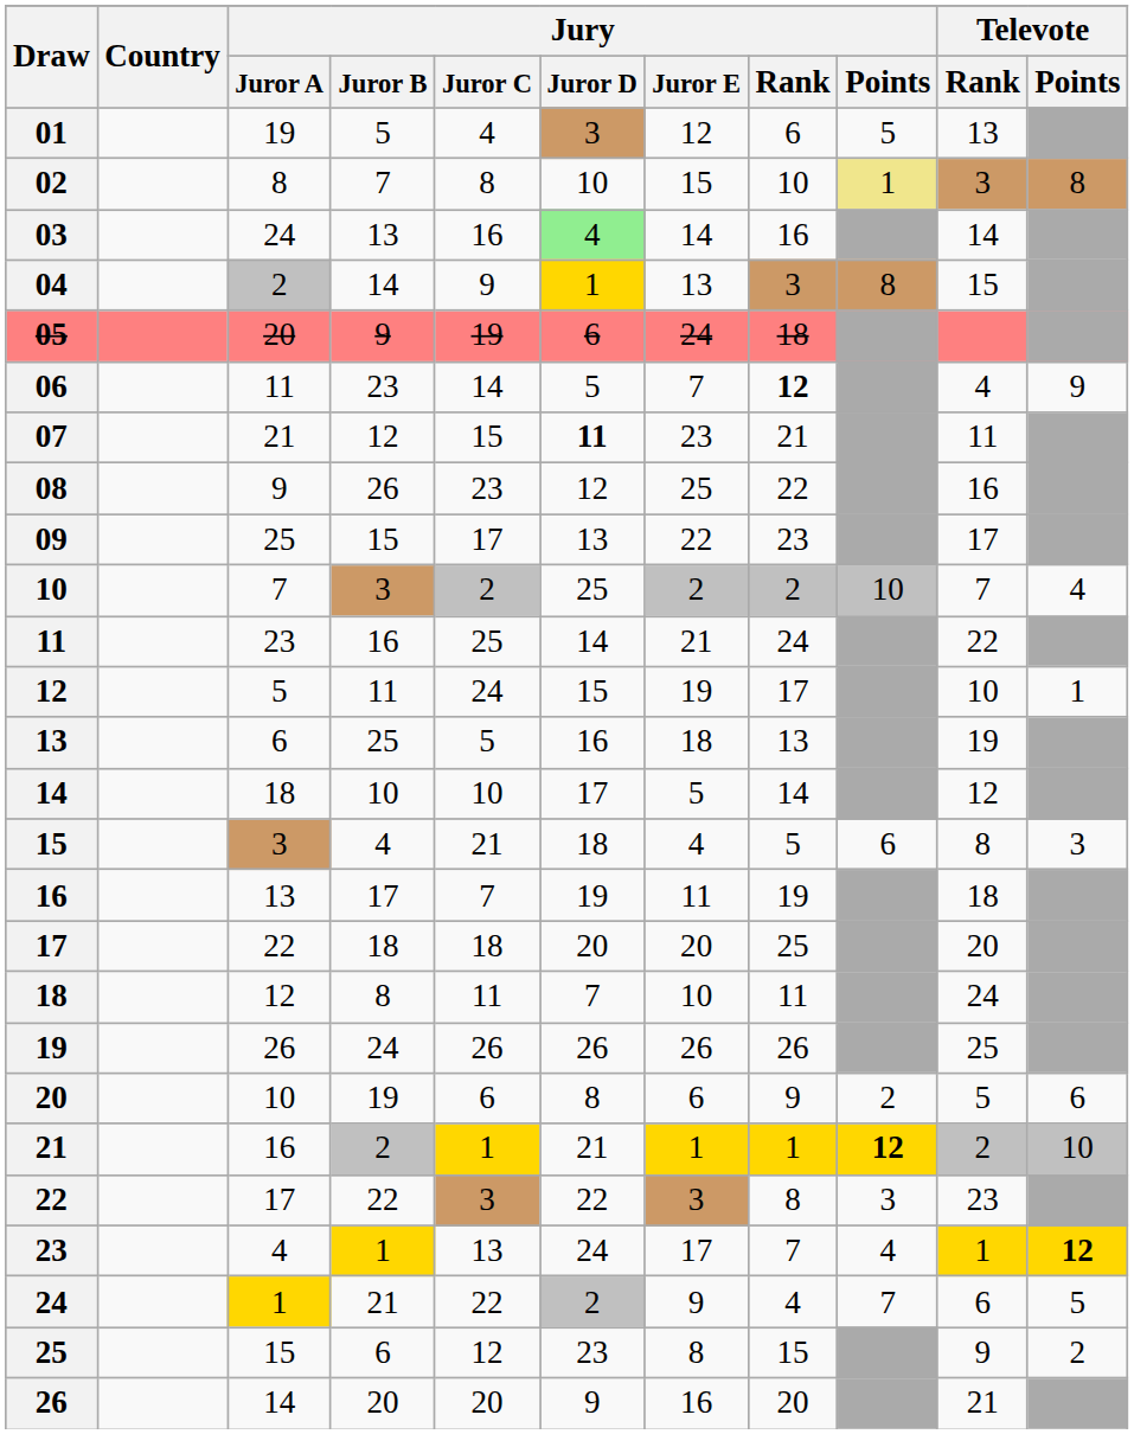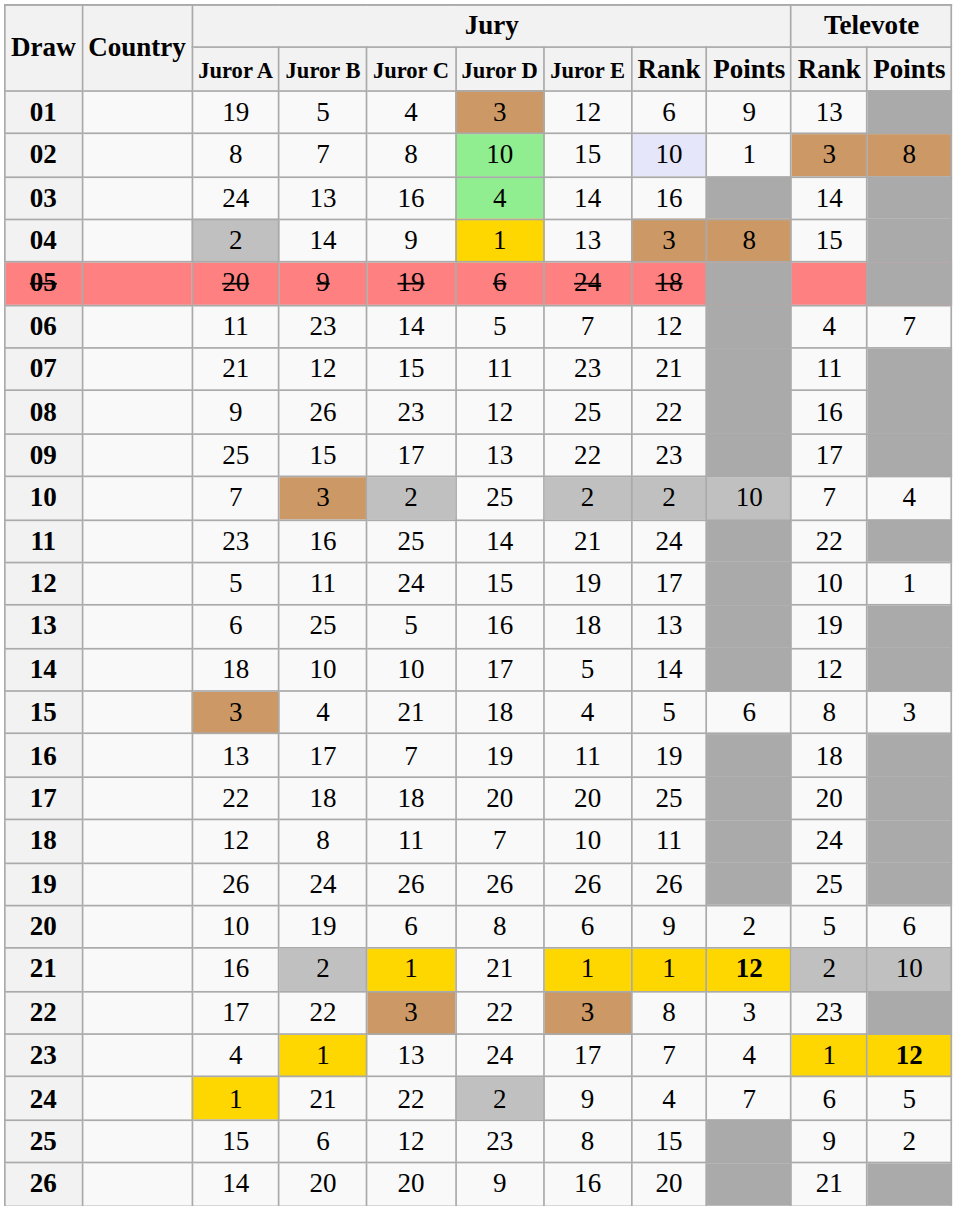 <table class="sortable wikitable collapsible plainrowheaders" style="text-align:center;">
 <tr>
 </tr>
 <tr>
 <th scope="col" rowspan="2">Draw</th>
 <th scope="col" rowspan="2">Country</th>
 <th scope="col" colspan="7">Jury</th>
 <th scope="col" colspan="2">Televote</th>
 </tr>
 <tr>
 <th scope="col"><small>Juror A</small></th>
 <th scope="col"><small>Juror B</small></th>
 <th scope="col"><small>Juror C</small></th>
 <th scope="col"><small>Juror D</small></th>
 <th scope="col"><small>Juror E</small></th>
 <th scope="col">Rank</th>
 <th scope="col" class="unsortable">Points</th>
 <th scope="col">Rank</th>
 <th scope="col" class="unsortable">Points</th>
 </tr>
 <tr>
 <th scope="row" style="text-align:center;">01</th>
 <td style="text-align:left;"></td>
 <td>19</td>
 <td>5</td>
 <td>4</td>
 <td style="background:#CC9966;">3</td>
 <td>12</td>
 <td>6</td>
-<td>5</td>
+<td>9</td>
 <td>13</td>
 <td style="background:#AAAAAA;"></td>
 </tr>
 <tr>
 <th scope="row" style="text-align:center;">02</th>
 <td style="text-align:left;"></td>
 <td>8</td>
 <td>7</td>
 <td>8</td>
-<td>10</td>
+<td style="background: lightgreen;">10</td>
 <td>15</td>
-<td>10</td>
-<td style="background: khaki;">1</td>
+<td style="background: lavender;">10</td>
+<td>1</td>
 <td style="background:#CC9966;">3</td>
 <td style="background:#CC9966;">8</td>
 </tr>
 <tr>
 <th scope="row" style="text-align:center;">03</th>
 <td style="text-align:left;"></td>
 <td>24</td>
 <td>13</td>
 <td>16</td>
 <td style="background: lightgreen;">4</td>
 <td>14</td>
 <td>16</td>
 <td style="background:#AAAAAA;"></td>
 <td>14</td>
 <td style="background:#AAAAAA;"></td>
 </tr>
 <tr>
 <th scope="row" style="text-align:center;">04</th>
 <td style="text-align:left;"></td>
 <td style="background:silver;">2</td>
 <td>14</td>
 <td>9</td>
 <td style="background:gold;">1</td>
 <td>13</td>
 <td style="background:#CC9966;">3</td>
 <td style="background:#CC9966;">8</td>
 <td>15</td>
 <td style="background:#AAAAAA;"></td>
 </tr>
 <tr style="background:#FE8080">
 <th scope="row" style="text-align:center; background:#FE8080"><s>05</s></th>
 <td style="text-align:left;"><s></s> </td>
 <td><s>20</s></td>
 <td><s>9</s></td>
 <td><s>19</s></td>
 <td><s>6</s></td>
 <td><s>24</s></td>
 <td><s>18</s></td>
 <td style="background:#AAAAAA;"></td>
 <td></td>
 <td style="background:#AAAAAA;"></td>
 </tr>
 <tr>
 <th scope="row" style="text-align:center;">06</th>
 <td style="text-align:left;"></td>
 <td>11</td>
 <td>23</td>
 <td>14</td>
 <td>5</td>
 <td>7</td>
-<td><strong>12</strong></td>
+<td>12</td>
 <td style="background:#AAAAAA;"></td>
 <td>4</td>
-<td>9</td>
+<td>7</td>
 </tr>
 <tr>
 <th scope="row" style="text-align:center;">07</th>
 <td style="text-align:left;"></td>
 <td>21</td>
 <td>12</td>
 <td>15</td>
-<td><strong>11</strong></td>
+<td>11</td>
 <td>23</td>
 <td>21</td>
 <td style="background:#AAAAAA;"></td>
 <td>11</td>
 <td style="background:#AAAAAA;"></td>
 </tr>
 <tr>
 <th scope="row" style="text-align:center;">08</th>
 <td style="text-align:left;"></td>
 <td>9</td>
 <td>26</td>
 <td>23</td>
 <td>12</td>
 <td>25</td>
 <td>22</td>
 <td style="background:#AAAAAA;"></td>
 <td>16</td>
 <td style="background:#AAAAAA;"></td>
 </tr>
 <tr>
 <th scope="row" style="text-align:center;">09</th>
 <td style="text-align:left;"></td>
 <td>25</td>
 <td>15</td>
 <td>17</td>
 <td>13</td>
 <td>22</td>
 <td>23</td>
 <td style="background:#AAAAAA;"></td>
 <td>17</td>
 <td style="background:#AAAAAA;"></td>
 </tr>
 <tr>
 <th scope="row" style="text-align:center;">10</th>
 <td style="text-align:left;"></td>
 <td>7</td>
 <td style="background:#CC9966;">3</td>
 <td style="background:silver;">2</td>
 <td>25</td>
 <td style="background:silver;">2</td>
 <td style="background:silver;">2</td>
 <td style="background:silver;">10</td>
 <td>7</td>
 <td>4</td>
 </tr>
 <tr>
 <th scope="row" style="text-align:center;">11</th>
 <td style="text-align:left;"></td>
 <td>23</td>
 <td>16</td>
 <td>25</td>
 <td>14</td>
 <td>21</td>
 <td>24</td>
 <td style="background:#AAAAAA;"></td>
 <td>22</td>
 <td style="background:#AAAAAA;"></td>
 </tr>
 <tr>
 <th scope="row" style="text-align:center;">12</th>
 <td style="text-align:left;"></td>
 <td>5</td>
 <td>11</td>
 <td>24</td>
 <td>15</td>
 <td>19</td>
 <td>17</td>
 <td style="background:#AAAAAA;"></td>
 <td>10</td>
 <td>1</td>
 </tr>
 <tr>
 <th scope="row" style="text-align:center;">13</th>
 <td style="text-align:left;"></td>
 <td>6</td>
 <td>25</td>
 <td>5</td>
 <td>16</td>
 <td>18</td>
 <td>13</td>
 <td style="background:#AAAAAA;"></td>
 <td>19</td>
 <td style="background:#AAAAAA;"></td>
 </tr>
 <tr>
 <th scope="row" style="text-align:center;">14</th>
 <td style="text-align:left;"></td>
 <td>18</td>
 <td>10</td>
 <td>10</td>
 <td>17</td>
 <td>5</td>
 <td>14</td>
 <td style="background:#AAAAAA;"></td>
 <td>12</td>
 <td style="background:#AAAAAA;"></td>
 </tr>
 <tr>
 <th scope="row" style="text-align:center;">15</th>
 <td style="text-align:left;"></td>
 <td style="background:#CC9966;">3</td>
 <td>4</td>
 <td>21</td>
 <td>18</td>
 <td>4</td>
 <td>5</td>
 <td>6</td>
 <td>8</td>
 <td>3</td>
 </tr>
 <tr>
 <th scope="row" style="text-align:center;">16</th>
 <td style="text-align:left;"></td>
 <td>13</td>
 <td>17</td>
 <td>7</td>
 <td>19</td>
 <td>11</td>
 <td>19</td>
 <td style="background:#AAAAAA;"></td>
 <td>18</td>
 <td style="background:#AAAAAA;"></td>
 </tr>
 <tr>
 <th scope="row" style="text-align:center;">17</th>
 <td style="text-align:left;"></td>
 <td>22</td>
 <td>18</td>
 <td>18</td>
 <td>20</td>
 <td>20</td>
 <td>25</td>
 <td style="background:#AAAAAA;"></td>
 <td>20</td>
 <td style="background:#AAAAAA;"></td>
 </tr>
 <tr>
 <th scope="row" style="text-align:center;">18</th>
 <td style="text-align:left;"></td>
 <td>12</td>
 <td>8</td>
 <td>11</td>
 <td>7</td>
 <td>10</td>
 <td>11</td>
 <td style="background:#AAAAAA;"></td>
 <td>24</td>
 <td style="background:#AAAAAA;"></td>
 </tr>
 <tr>
 <th scope="row" style="text-align:center;">19</th>
 <td style="text-align:left;"></td>
 <td>26</td>
 <td>24</td>
 <td>26</td>
 <td>26</td>
 <td>26</td>
 <td>26</td>
 <td style="background:#AAAAAA;"></td>
 <td>25</td>
 <td style="background:#AAAAAA;"></td>
 </tr>
 <tr>
 <th scope="row" style="text-align:center;">20</th>
 <td style="text-align:left;"></td>
 <td>10</td>
 <td>19</td>
 <td>6</td>
 <td>8</td>
 <td>6</td>
 <td>9</td>
 <td>2</td>
 <td>5</td>
 <td>6</td>
 </tr>
 <tr>
 <th scope="row" style="text-align:center;">21</th>
 <td style="text-align:left;"></td>
 <td>16</td>
 <td style="background:silver;">2</td>
 <td style="background:gold;">1</td>
 <td>21</td>
 <td style="background:gold;">1</td>
 <td style="background:gold;">1</td>
 <td style="background:gold;"><strong>12</strong></td>
 <td style="background:silver;">2</td>
 <td style="background:silver;">10</td>
 </tr>
 <tr>
 <th scope="row" style="text-align:center;">22</th>
 <td style="text-align:left;"></td>
 <td>17</td>
 <td>22</td>
 <td style="background:#CC9966;">3</td>
 <td>22</td>
 <td style="background:#CC9966;">3</td>
 <td>8</td>
 <td>3</td>
 <td>23</td>
 <td style="background:#AAAAAA;"></td>
 </tr>
 <tr>
 <th scope="row" style="text-align:center;">23</th>
 <td style="text-align:left;"></td>
 <td>4</td>
 <td style="background:gold;">1</td>
 <td>13</td>
 <td>24</td>
 <td>17</td>
 <td>7</td>
 <td>4</td>
 <td style="background:gold;">1</td>
 <td style="background:gold;"><strong>12</strong></td>
 </tr>
 <tr>
 <th scope="row" style="text-align:center;">24</th>
 <td style="text-align:left;"></td>
 <td style="background:gold;">1</td>
 <td>21</td>
 <td>22</td>
 <td style="background:silver;">2</td>
 <td>9</td>
 <td>4</td>
 <td>7</td>
 <td>6</td>
 <td>5</td>
 </tr>
 <tr>
 <th scope="row" style="text-align:center;">25</th>
 <td style="text-align:left;"></td>
 <td>15</td>
 <td>6</td>
 <td>12</td>
 <td>23</td>
 <td>8</td>
 <td>15</td>
 <td style="background:#AAAAAA;"></td>
 <td>9</td>
 <td>2</td>
 </tr>
 <tr>
 <th scope="row" style="text-align:center;">26</th>
 <td style="text-align:left;"></td>
 <td>14</td>
 <td>20</td>
 <td>20</td>
 <td>9</td>
 <td>16</td>
 <td>20</td>
 <td style="background:#AAAAAA;"></td>
 <td>21</td>
 <td style="background:#AAAAAA;"></td>
 </tr>
 </table>
